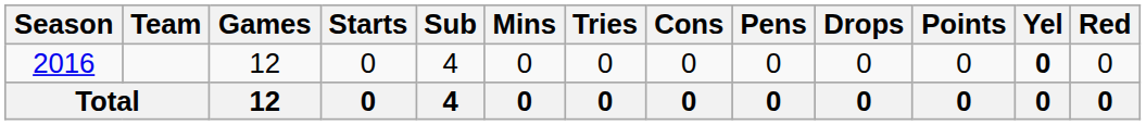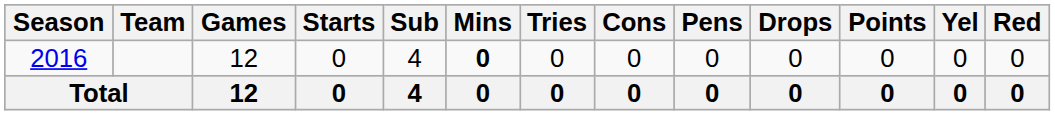 <table class="wikitable" style="text-align:center; line-height:90%; font-size:95%; width:70%;">
 <tr>
 <th>Season</th>
 <th>Team</th>
 <th>Games</th>
 <th>Starts</th>
 <th>Sub</th>
 <th>Mins</th>
 <th>Tries</th>
 <th>Cons</th>
 <th>Pens</th>
 <th>Drops</th>
 <th>Points</th>
 <th>Yel</th>
 <th>Red</th>
 </tr>
 <tr>
 <td><a href='#'>2016</a></td>
 <td></td>
 <td>12</td>
 <td>0</td>
 <td>4</td>
+<td><strong>0</strong></td>
 <td>0</td>
 <td>0</td>
 <td>0</td>
 <td>0</td>
 <td>0</td>
 <td>0</td>
-<td><strong>0</strong></td>
 <td>0</td>
 </tr>
 <tr>
 <th colspan="2">Total</th>
 <th>12</th>
 <th>0</th>
 <th>4</th>
 <th>0</th>
 <th>0</th>
 <th>0</th>
 <th>0</th>
 <th>0</th>
 <th>0</th>
 <th>0</th>
 <th>0</th>
 </tr>
 </table>
